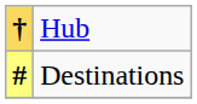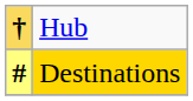 <table class="wikitable">
 <tr>
 <th scope=row style="background:#fada5e">†</th>
 <td><a href='#'>Hub</a></td>
 </tr>
 <tr>
 <th scope=row style="background:#ffff80">#</th>
-<td>Destinations</td>
+<td style="background: gold;">Destinations</td>
 </tr>
 <tr>
 </tr>
 </table>
